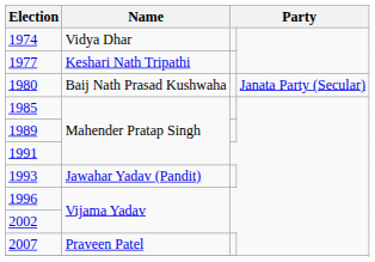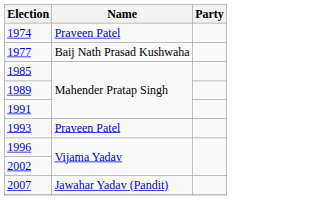 <table class="wikitable sortable">
 <tr>
 <th>Election</th>
 <th>Name</th>
 <th colspan=2>Party</th>
 </tr>
 <tr>
 <td><a href='#'>1974</a></td>
-<td>Vidya Dhar</td>
+<td><a href='#'>Praveen Patel</a></td>
 <td></td>
 </tr>
 <tr>
 <td><a href='#'>1977</a></td>
-<td><a href='#'>Keshari Nath Tripathi</a></td>
+<td>Baij Nath Prasad Kushwaha</td>
 <td></td>
-</tr>
-<tr>
-<td><a href='#'>1980</a></td>
-<td>Baij Nath Prasad Kushwaha</td>
-<td style="background-color: "></td>
-<td><a href='#'>Janata Party (Secular)</a></td>
 </tr>
 <tr>
 <td><a href='#'>1985</a></td>
 <td rowspan="3">Mahender Pratap Singh</td>
 <td></td>
 </tr>
 <tr>
 <td><a href='#'>1989</a></td>
 <td></td>
 </tr>
 <tr>
 <td><a href='#'>1991</a></td>
 </tr>
 <tr>
 <td><a href='#'>1993</a></td>
-<td><a href='#'>Jawahar Yadav (Pandit)</a></td>
+<td><a href='#'>Praveen Patel</a></td>
 <td></td>
 </tr>
 <tr>
 <td><a href='#'>1996</a></td>
 <td rowspan="2"><a href='#'>Vijama Yadav</a></td>
 </tr>
 <tr>
 <td><a href='#'>2002</a></td>
 </tr>
 <tr>
 <td><a href='#'>2007</a></td>
-<td><a href='#'>Praveen Patel</a></td>
+<td><a href='#'>Jawahar Yadav (Pandit)</a></td>
 <td></td>
 </tr>
 <tr>
 </tr>
 </table>
